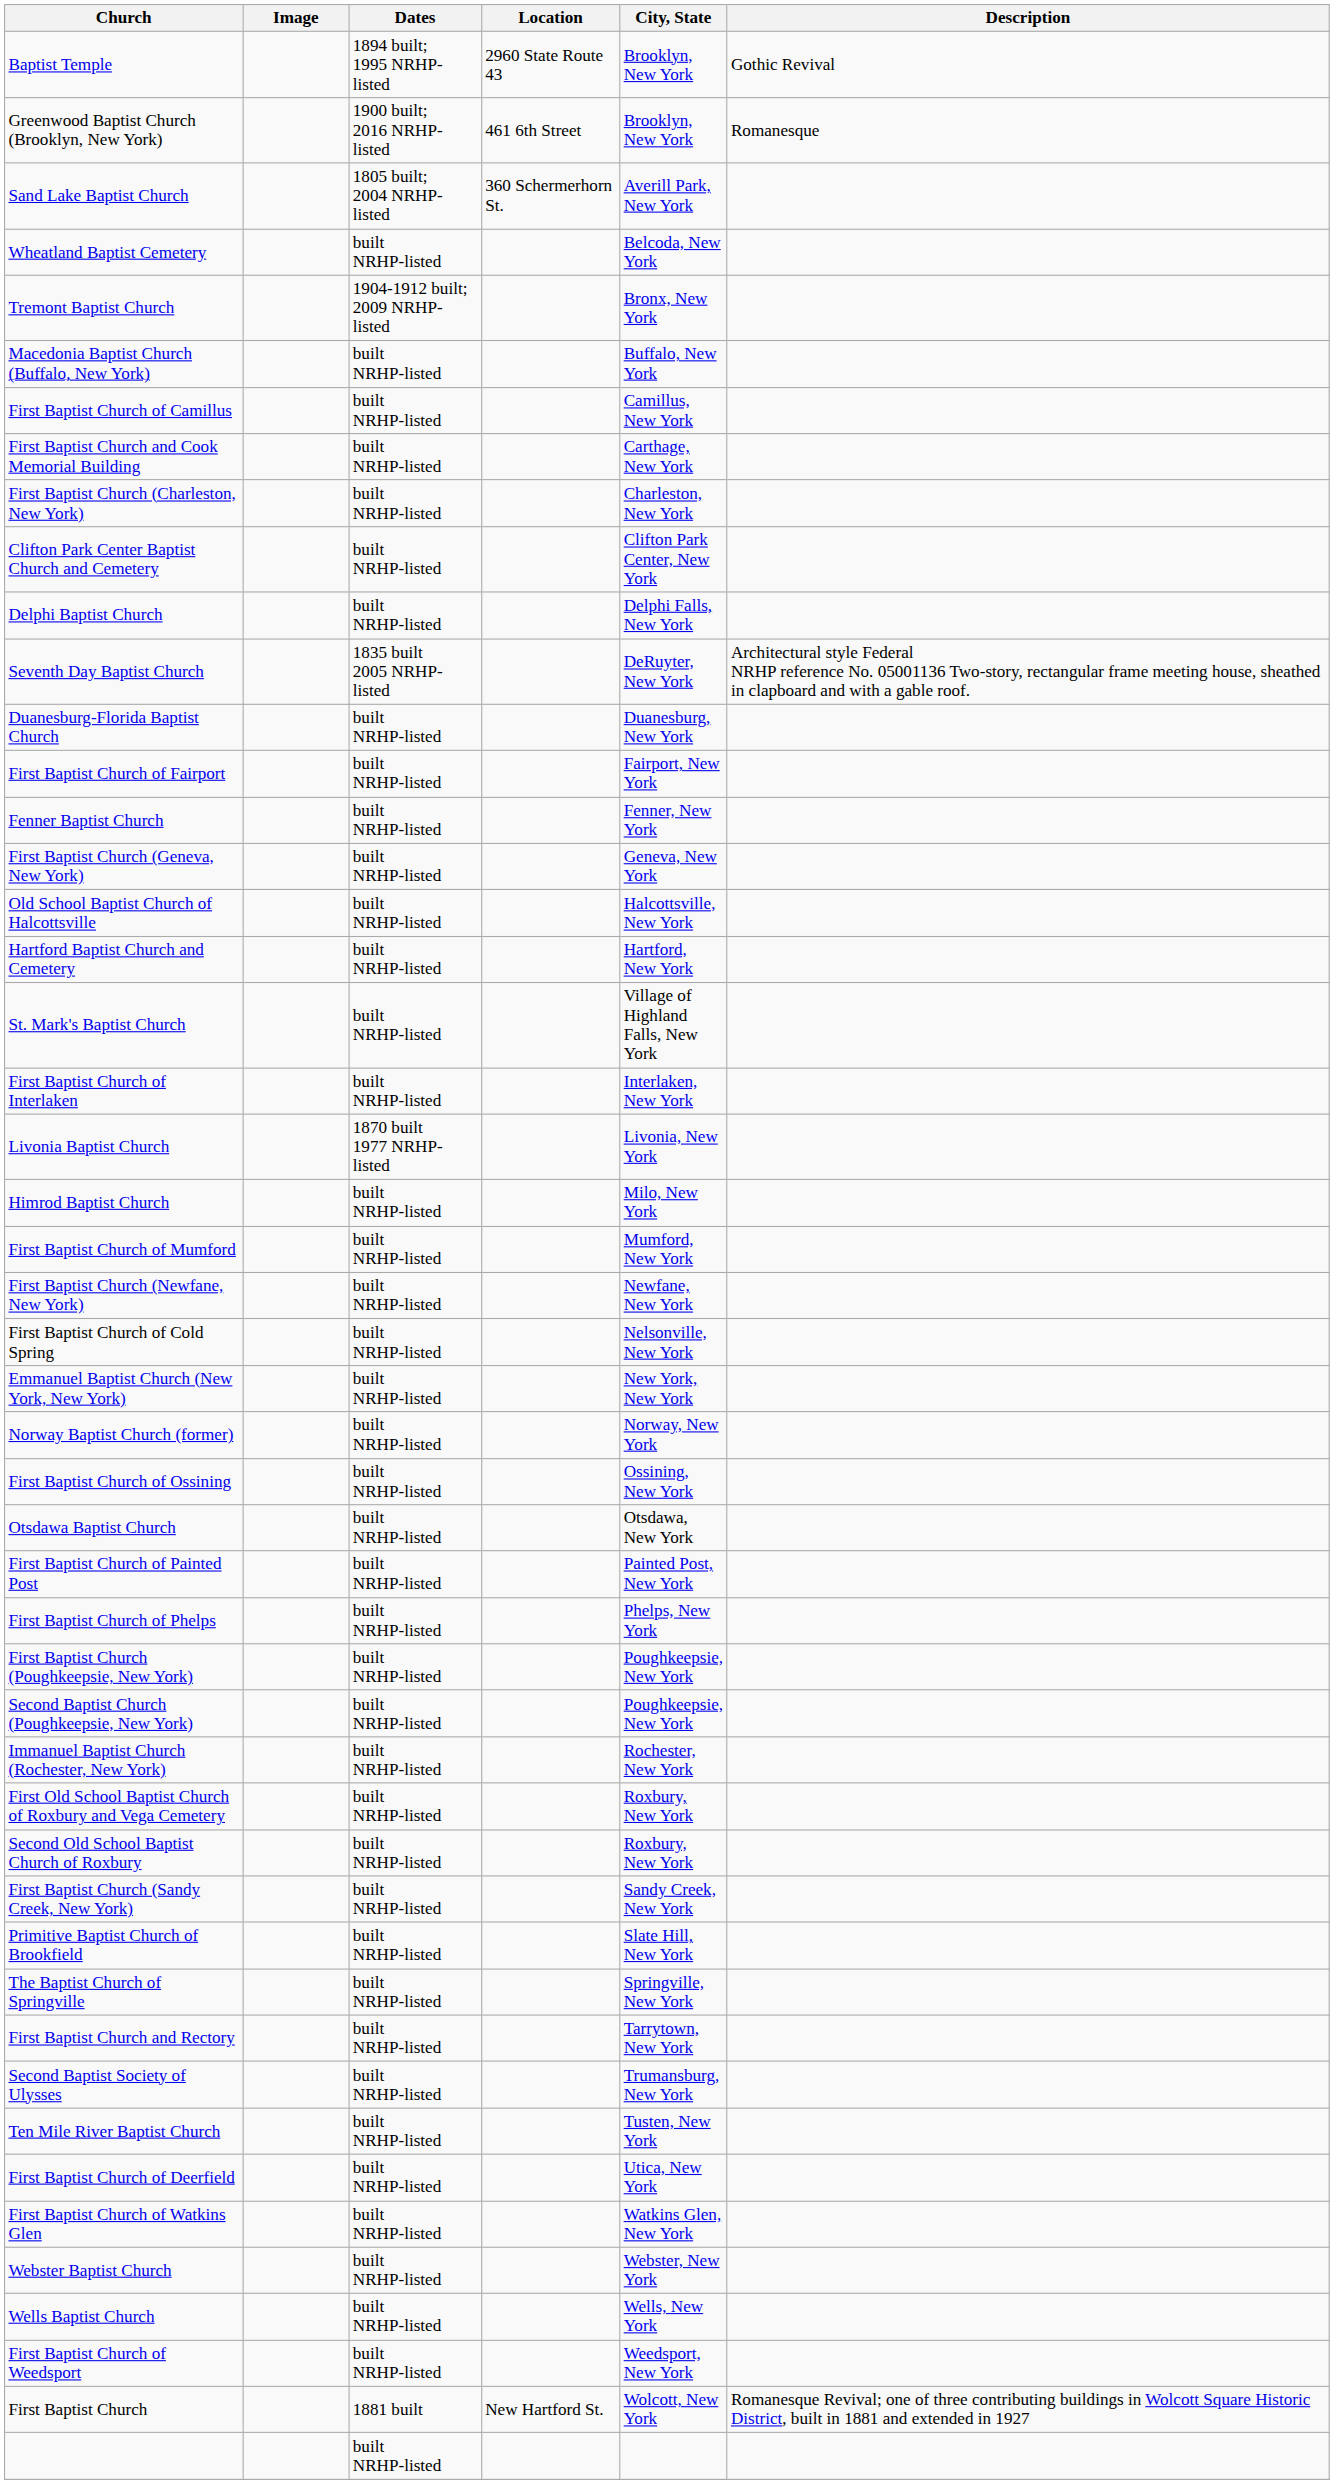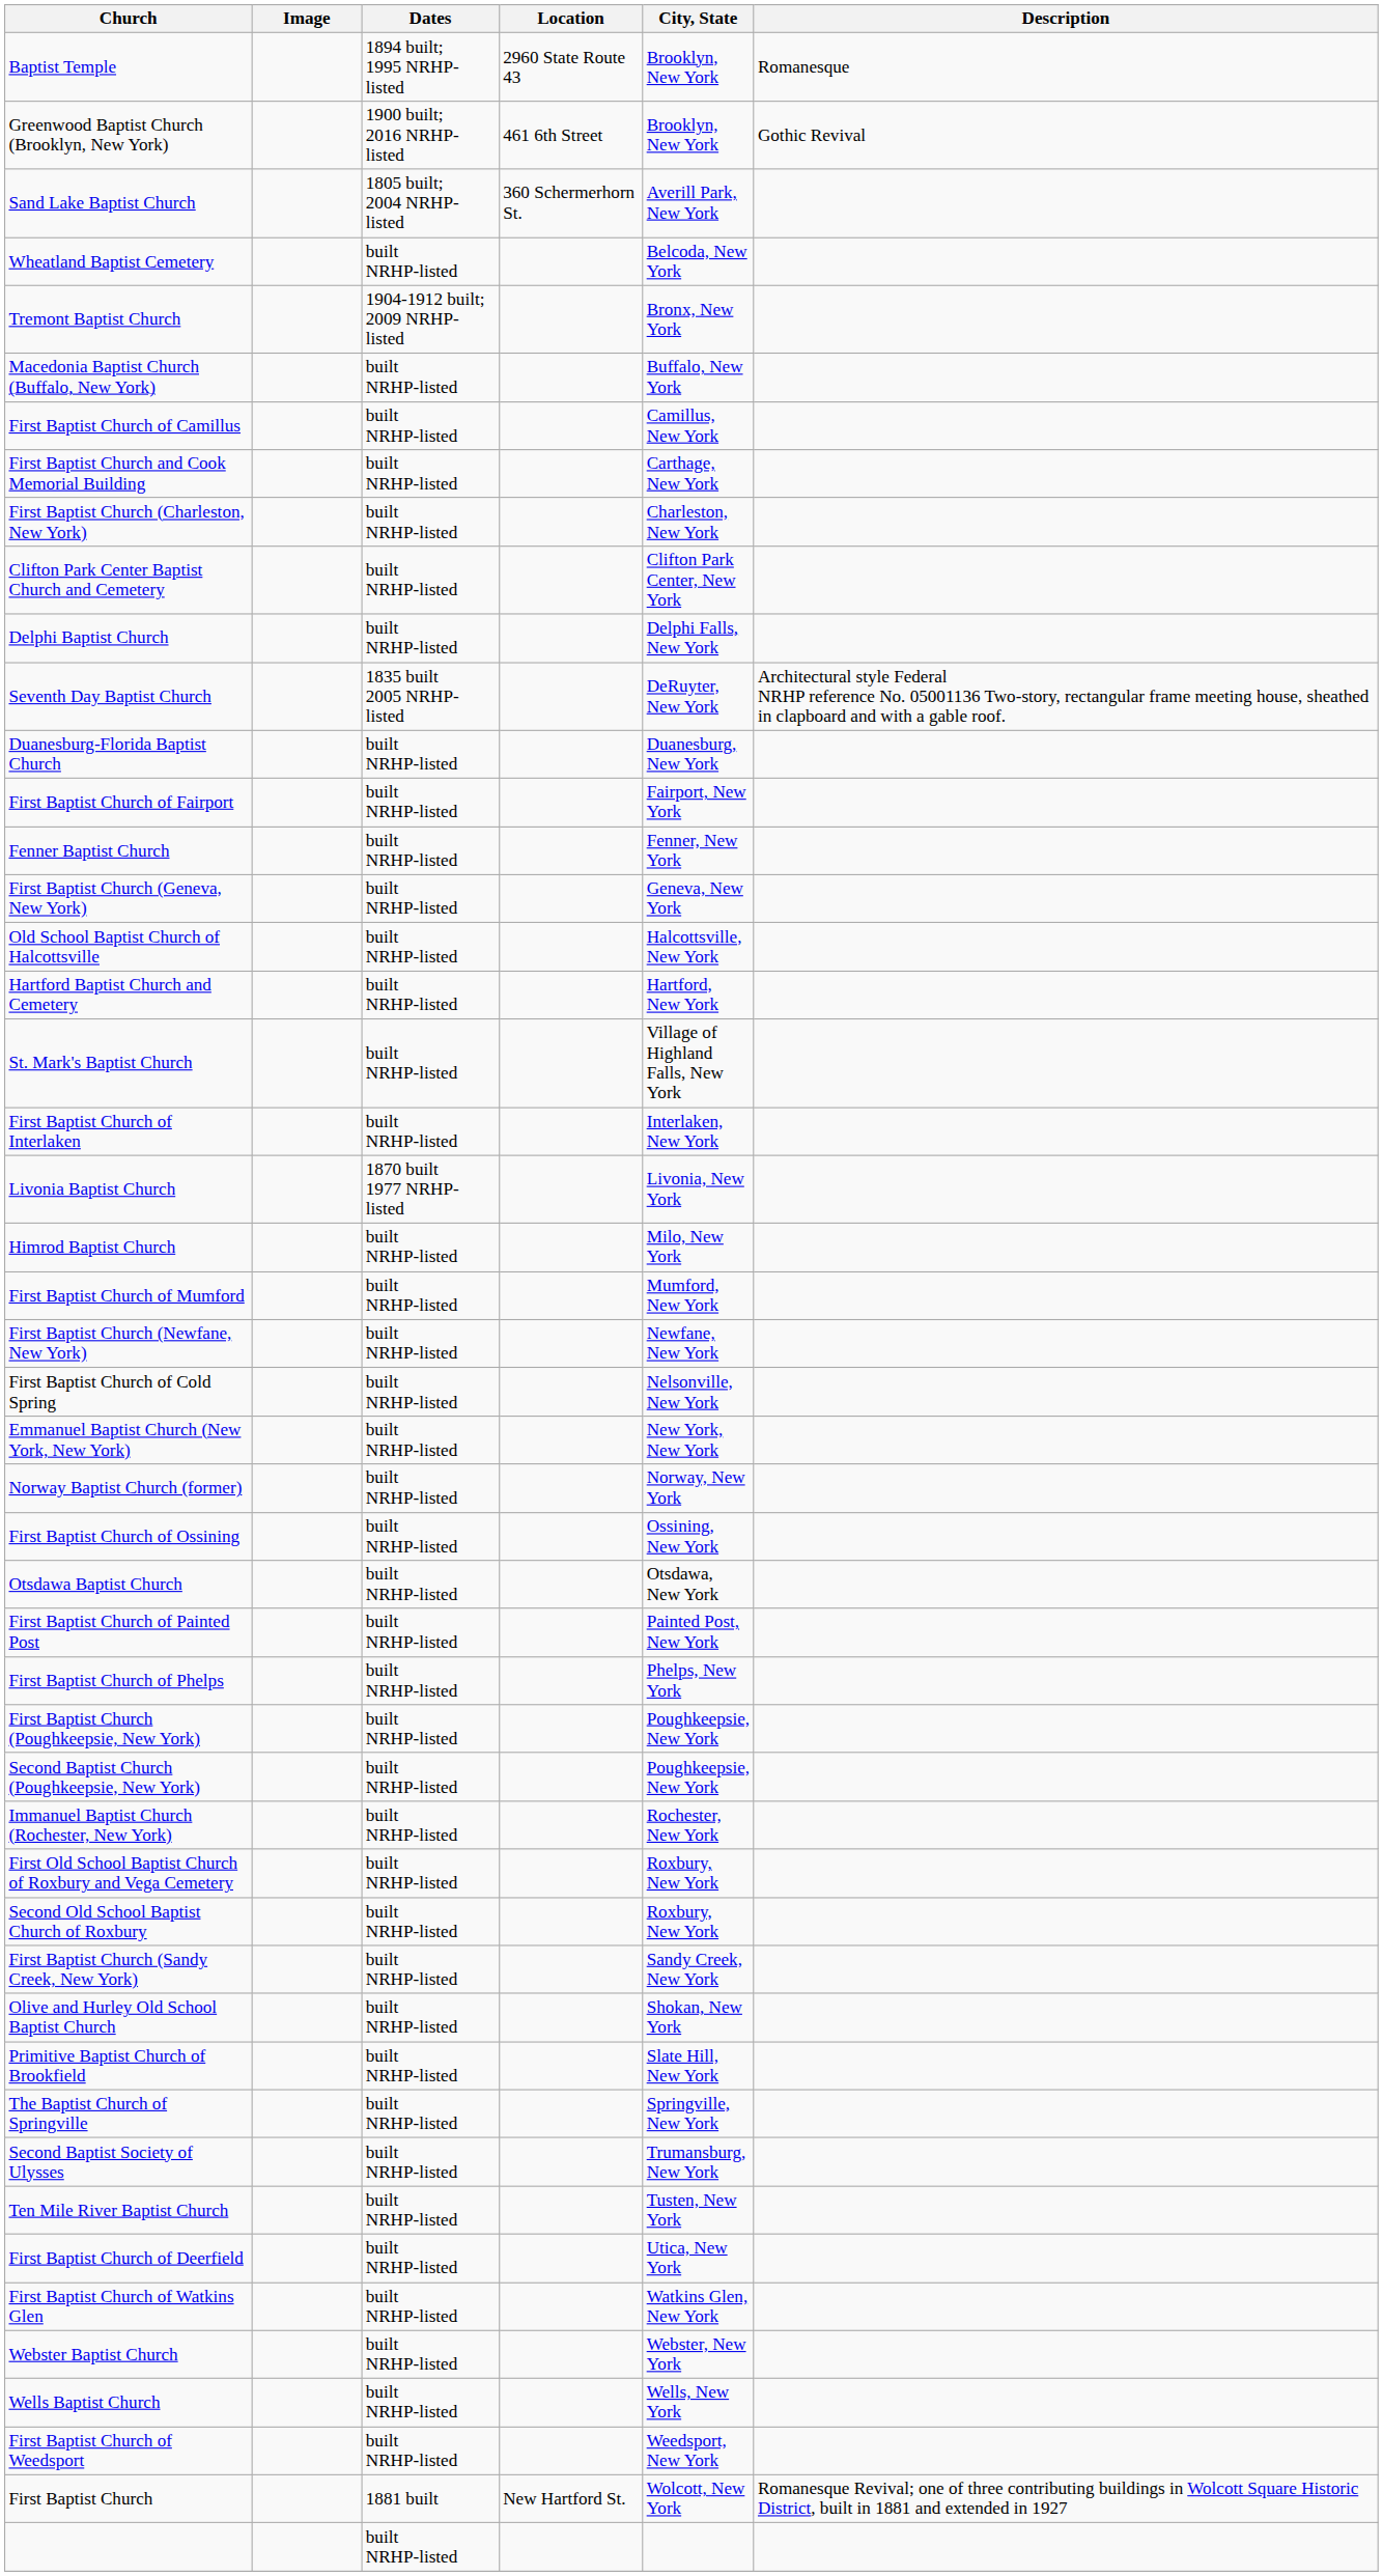 <table class="wikitable sortable" style="width:98%">
 <tr>
 <th width = 18%><strong>Church</strong></th>
 <th width = 8% class="unsortable"><strong>Image</strong></th>
 <th width = 10%><strong>Dates</strong></th>
 <th><strong>Location</strong></th>
 <th width = 8%><strong>City, State</strong></th>
 <th class="unsortable"><strong>Description</strong></th>
 </tr>
 <tr ->
 <td><a href='#'>Baptist Temple</a></td>
 <td></td>
 <td>1894 built;<br>1995 NRHP-listed</td>
 <td>2960 State Route 43<br><small></small></td>
 <td><a href='#'>Brooklyn, New York</a></td>
-<td>Gothic Revival</td>
+<td>Romanesque</td>
 </tr>
 <tr ->
 <td>Greenwood Baptist Church (Brooklyn, New York)</td>
 <td></td>
 <td>1900 built;<br>2016 NRHP-listed</td>
 <td>461 6th Street<br><small></small></td>
 <td><a href='#'>Brooklyn, New York</a></td>
-<td>Romanesque</td>
+<td>Gothic Revival</td>
 </tr>
 <tr ->
 <td><a href='#'>Sand Lake Baptist Church</a></td>
 <td></td>
 <td>1805 built;<br>2004 NRHP-listed</td>
 <td>360 Schermerhorn St.<br><small></small></td>
 <td><a href='#'>Averill Park, New York</a></td>
 <td></td>
 </tr>
 <tr ->
 <td><a href='#'>Wheatland Baptist Cemetery</a></td>
 <td></td>
 <td>built<br> NRHP-listed</td>
 <td></td>
 <td><a href='#'>Belcoda, New York</a></td>
 <td></td>
 </tr>
 <tr ->
 <td><a href='#'>Tremont Baptist Church</a></td>
 <td></td>
 <td>1904-1912 built;<br>2009 NRHP-listed</td>
 <td><br><small></small></td>
 <td><a href='#'>Bronx, New York</a></td>
 <td></td>
 </tr>
 <tr ->
 <td><a href='#'>Macedonia Baptist Church (Buffalo, New York)</a></td>
 <td></td>
 <td>built<br> NRHP-listed</td>
 <td></td>
 <td><a href='#'>Buffalo, New York</a></td>
 <td></td>
 </tr>
 <tr ->
 <td><a href='#'>First Baptist Church of Camillus</a></td>
 <td></td>
 <td>built<br> NRHP-listed</td>
 <td></td>
 <td><a href='#'>Camillus, New York</a></td>
 <td></td>
 </tr>
 <tr ->
 <td><a href='#'>First Baptist Church and Cook Memorial Building</a></td>
 <td></td>
 <td>built<br> NRHP-listed</td>
 <td></td>
 <td><a href='#'>Carthage, New York</a></td>
 <td></td>
 </tr>
 <tr ->
 <td><a href='#'>First Baptist Church (Charleston, New York)</a></td>
 <td></td>
 <td>built<br> NRHP-listed</td>
 <td></td>
 <td><a href='#'>Charleston, New York</a></td>
 <td></td>
 </tr>
 <tr ->
 <td><a href='#'>Clifton Park Center Baptist Church and Cemetery</a></td>
 <td></td>
 <td>built<br> NRHP-listed</td>
 <td></td>
 <td><a href='#'>Clifton Park Center, New York</a></td>
 <td></td>
 </tr>
 <tr ->
 <td><a href='#'>Delphi Baptist Church</a></td>
 <td></td>
 <td>built<br> NRHP-listed</td>
 <td></td>
 <td><a href='#'>Delphi Falls, New York</a></td>
 <td></td>
 </tr>
 <tr ->
 <td><a href='#'>Seventh Day Baptist Church</a></td>
 <td></td>
 <td>1835 built<br> 2005 NRHP-listed</td>
 <td></td>
 <td><a href='#'>DeRuyter, New York</a></td>
 <td>Architectural style Federal<br>NRHP reference No. 05001136 Two-story, rectangular frame meeting house, sheathed in clapboard and with a gable roof.</td>
 </tr>
 <tr ->
 <td><a href='#'>Duanesburg-Florida Baptist Church</a></td>
 <td></td>
 <td>built<br> NRHP-listed</td>
 <td></td>
 <td><a href='#'>Duanesburg, New York</a></td>
 <td></td>
 </tr>
 <tr ->
 <td><a href='#'>First Baptist Church of Fairport</a></td>
 <td></td>
 <td>built<br> NRHP-listed</td>
 <td></td>
 <td><a href='#'>Fairport, New York</a></td>
 <td></td>
 </tr>
 <tr ->
 <td><a href='#'>Fenner Baptist Church</a></td>
 <td></td>
 <td>built<br> NRHP-listed</td>
 <td></td>
 <td><a href='#'>Fenner, New York</a></td>
 <td></td>
 </tr>
 <tr ->
 <td><a href='#'>First Baptist Church (Geneva, New York)</a></td>
 <td></td>
 <td>built<br> NRHP-listed</td>
 <td></td>
 <td><a href='#'>Geneva, New York</a></td>
 <td></td>
 </tr>
 <tr ->
 <td><a href='#'>Old School Baptist Church of Halcottsville</a></td>
 <td></td>
 <td>built<br> NRHP-listed</td>
 <td></td>
 <td><a href='#'>Halcottsville, New York</a></td>
 <td></td>
 </tr>
 <tr ->
 <td><a href='#'>Hartford Baptist Church and Cemetery</a></td>
 <td></td>
 <td>built<br> NRHP-listed</td>
 <td></td>
 <td><a href='#'>Hartford, New York</a></td>
 <td></td>
 </tr>
 <tr ->
 <td><a href='#'>St. Mark's Baptist Church</a></td>
 <td></td>
 <td>built<br> NRHP-listed</td>
 <td></td>
 <td>Village of Highland Falls, New York</td>
 <td></td>
 </tr>
 <tr ->
 <td><a href='#'>First Baptist Church of Interlaken</a></td>
 <td></td>
 <td>built<br> NRHP-listed</td>
 <td></td>
 <td><a href='#'>Interlaken, New York</a></td>
 <td></td>
 </tr>
 <tr ->
 <td><a href='#'>Livonia Baptist Church</a></td>
 <td></td>
 <td>1870 built<br> 1977 NRHP-listed</td>
 <td></td>
 <td><a href='#'>Livonia, New York</a></td>
 <td></td>
 </tr>
 <tr>
 <td><a href='#'>Himrod Baptist Church</a></td>
 <td></td>
 <td>built<br> NRHP-listed</td>
 <td></td>
 <td><a href='#'>Milo, New York</a></td>
 <td></td>
 </tr>
 <tr ->
 <td><a href='#'>First Baptist Church of Mumford</a></td>
 <td></td>
 <td>built<br> NRHP-listed</td>
 <td></td>
 <td><a href='#'>Mumford, New York</a></td>
 <td></td>
 </tr>
 <tr ->
 <td><a href='#'>First Baptist Church (Newfane, New York)</a></td>
 <td></td>
 <td>built<br> NRHP-listed</td>
 <td></td>
 <td><a href='#'>Newfane, New York</a></td>
 <td></td>
 </tr>
 <tr ->
 <td>First Baptist Church of Cold Spring</td>
 <td></td>
 <td>built<br> NRHP-listed</td>
 <td></td>
 <td><a href='#'>Nelsonville, New York</a></td>
 <td></td>
 </tr>
 <tr ->
 <td><a href='#'>Emmanuel Baptist Church (New York, New York)</a></td>
 <td></td>
 <td>built<br> NRHP-listed</td>
 <td></td>
 <td><a href='#'>New York, New York</a></td>
 <td></td>
 </tr>
 <tr ->
 <td><a href='#'>Norway Baptist Church (former)</a></td>
 <td></td>
 <td>built<br> NRHP-listed</td>
 <td></td>
 <td><a href='#'>Norway, New York</a></td>
 <td></td>
 </tr>
 <tr ->
 <td><a href='#'>First Baptist Church of Ossining</a></td>
 <td></td>
 <td>built<br> NRHP-listed</td>
 <td></td>
 <td><a href='#'>Ossining, New York</a></td>
 <td></td>
 </tr>
 <tr ->
 <td><a href='#'>Otsdawa Baptist Church</a></td>
 <td></td>
 <td>built<br> NRHP-listed</td>
 <td></td>
 <td>Otsdawa, New York</td>
 <td></td>
 </tr>
 <tr ->
 <td><a href='#'>First Baptist Church of Painted Post</a></td>
 <td></td>
 <td>built<br> NRHP-listed</td>
 <td></td>
 <td><a href='#'>Painted Post, New York</a></td>
 <td></td>
 </tr>
 <tr ->
 <td><a href='#'>First Baptist Church of Phelps</a></td>
 <td></td>
 <td>built<br> NRHP-listed</td>
 <td></td>
 <td><a href='#'>Phelps, New York</a></td>
 <td></td>
 </tr>
 <tr ->
 <td><a href='#'>First Baptist Church (Poughkeepsie, New York)</a></td>
 <td></td>
 <td>built<br> NRHP-listed</td>
 <td></td>
 <td><a href='#'>Poughkeepsie, New York</a></td>
 <td></td>
 </tr>
 <tr ->
 <td><a href='#'>Second Baptist Church (Poughkeepsie, New York)</a></td>
 <td></td>
 <td>built<br> NRHP-listed</td>
 <td></td>
 <td><a href='#'>Poughkeepsie, New York</a></td>
 <td></td>
 </tr>
 <tr ->
 <td><a href='#'>Immanuel Baptist Church (Rochester, New York)</a></td>
 <td></td>
 <td>built<br> NRHP-listed</td>
 <td></td>
 <td><a href='#'>Rochester, New York</a></td>
 <td></td>
 </tr>
 <tr ->
 <td><a href='#'>First Old School Baptist Church of Roxbury and Vega Cemetery</a></td>
 <td></td>
 <td>built<br> NRHP-listed</td>
 <td></td>
 <td><a href='#'>Roxbury, New York</a></td>
 <td></td>
 </tr>
 <tr ->
 <td><a href='#'>Second Old School Baptist Church of Roxbury</a></td>
 <td></td>
 <td>built<br> NRHP-listed</td>
 <td></td>
 <td><a href='#'>Roxbury, New York</a></td>
 <td></td>
 </tr>
 <tr ->
 <td><a href='#'>First Baptist Church (Sandy Creek, New York)</a></td>
 <td></td>
 <td>built<br> NRHP-listed</td>
 <td></td>
 <td><a href='#'>Sandy Creek, New York</a></td>
 <td></td>
 </tr>
 <tr ->
+<td><a href='#'>Olive and Hurley Old School Baptist Church</a></td>
+<td></td>
+<td>built<br> NRHP-listed</td>
+<td></td>
+<td><a href='#'>Shokan, New York</a></td>
+<td></td>
+</tr>
+<tr ->
 <td><a href='#'>Primitive Baptist Church of Brookfield</a></td>
 <td></td>
 <td>built<br> NRHP-listed</td>
 <td></td>
 <td><a href='#'>Slate Hill, New York</a></td>
 <td></td>
 </tr>
 <tr ->
 <td><a href='#'>The Baptist Church of Springville</a></td>
 <td></td>
 <td>built<br> NRHP-listed</td>
 <td></td>
 <td><a href='#'>Springville, New York</a></td>
-<td></td>
-</tr>
-<tr ->
-<td><a href='#'>First Baptist Church and Rectory</a></td>
-<td></td>
-<td>built<br> NRHP-listed</td>
-<td></td>
-<td><a href='#'>Tarrytown, New York</a></td>
 <td></td>
 </tr>
 <tr ->
 <td><a href='#'>Second Baptist Society of Ulysses</a></td>
 <td></td>
 <td>built<br> NRHP-listed</td>
 <td></td>
 <td><a href='#'>Trumansburg, New York</a></td>
 <td></td>
 </tr>
 <tr ->
 <td><a href='#'>Ten Mile River Baptist Church</a></td>
 <td></td>
 <td>built<br> NRHP-listed</td>
 <td></td>
 <td><a href='#'>Tusten, New York</a></td>
 <td></td>
 </tr>
 <tr ->
 <td><a href='#'>First Baptist Church of Deerfield</a></td>
 <td></td>
 <td>built<br> NRHP-listed</td>
 <td></td>
 <td><a href='#'>Utica, New York</a></td>
 <td></td>
 </tr>
 <tr ->
 <td><a href='#'>First Baptist Church of Watkins Glen</a></td>
 <td></td>
 <td>built<br> NRHP-listed</td>
 <td></td>
 <td><a href='#'>Watkins Glen, New York</a></td>
 <td></td>
 </tr>
 <tr ->
 <td><a href='#'>Webster Baptist Church</a></td>
 <td></td>
 <td>built<br> NRHP-listed</td>
 <td></td>
 <td><a href='#'>Webster, New York</a></td>
 <td></td>
 </tr>
 <tr ->
 <td><a href='#'>Wells Baptist Church</a></td>
 <td></td>
 <td>built<br> NRHP-listed</td>
 <td></td>
 <td><a href='#'>Wells, New York</a></td>
 <td></td>
 </tr>
 <tr ->
 <td><a href='#'>First Baptist Church of Weedsport</a></td>
 <td></td>
 <td>built<br> NRHP-listed</td>
 <td></td>
 <td><a href='#'>Weedsport, New York</a></td>
 <td></td>
 </tr>
 <tr ->
 <td>First Baptist Church</td>
 <td></td>
 <td>1881 built<br></td>
 <td>New Hartford St.</td>
 <td><a href='#'>Wolcott, New York</a></td>
 <td>Romanesque Revival; one of three contributing buildings in <a href='#'>Wolcott Square Historic District</a>, built in 1881 and extended in 1927</td>
 </tr>
 <tr>
 <td></td>
 <td></td>
 <td>built<br> NRHP-listed</td>
 <td></td>
 <td></td>
 <td></td>
 </tr>
 <tr ->
 </tr>
 </table>
